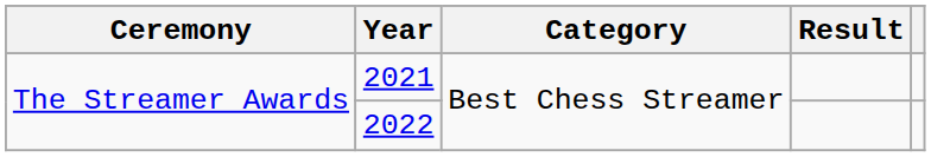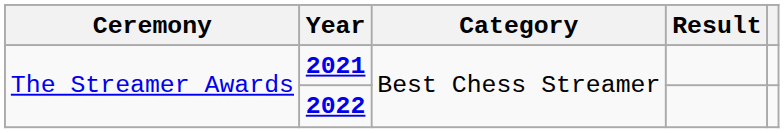 <table class="wikitable" style="text-align:center;">
 <tr>
 <th>Ceremony</th>
 <th>Year</th>
 <th>Category</th>
 <th>Result</th>
 <th></th>
 </tr>
 <tr>
 <td rowspan="2"><a href='#'>The Streamer Awards</a></td>
-<td rowspan="1"><a href='#'>2021</a></td>
+<td rowspan="1"><strong><a href='#'>2021</a></strong></td>
 <td rowspan="2">Best Chess Streamer</td>
 <td></td>
 <td></td>
 </tr>
 <tr>
-<td><a href='#'>2022</a></td>
+<td><strong><a href='#'>2022</a></strong></td>
 <td></td>
 <td></td>
 </tr>
 </table>
